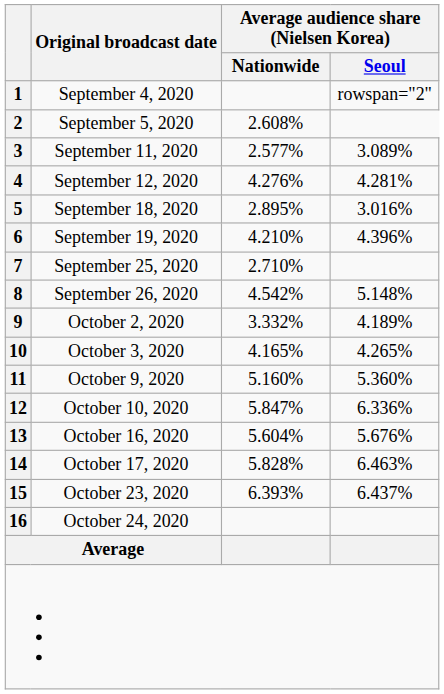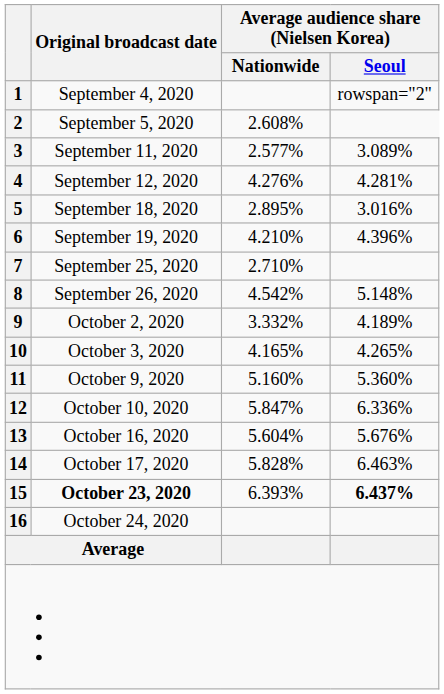 <table class="wikitable" style="text-align:center;max-width:450px; margin-left: auto; margin-right: auto; border: none;">
 <tr>
 </tr>
 <tr>
 <th rowspan="2"></th>
 <th rowspan="2">Original broadcast date</th>
 <th colspan="2">Average audience share<br>(Nielsen Korea)</th>
 </tr>
 <tr>
 <th width="90">Nationwide</th>
 <th width="90"><a href='#'>Seoul</a></th>
 </tr>
 <tr>
 <th>1</th>
 <td>September 4, 2020</td>
 <td></td>
 <td>rowspan="2" </td>
 </tr>
 <tr>
 <th>2</th>
 <td>September 5, 2020</td>
 <td>2.608%</td>
 </tr>
 <tr>
 <th>3</th>
 <td>September 11, 2020</td>
 <td>2.577%</td>
 <td>3.089%</td>
 </tr>
 <tr>
 <th>4</th>
 <td>September 12, 2020</td>
 <td>4.276%</td>
 <td>4.281%</td>
 </tr>
 <tr>
 <th>5</th>
 <td>September 18, 2020</td>
 <td>2.895%</td>
 <td>3.016%</td>
 </tr>
 <tr>
 <th>6</th>
 <td>September 19, 2020</td>
 <td>4.210%</td>
 <td>4.396%</td>
 </tr>
 <tr>
 <th>7</th>
 <td>September 25, 2020</td>
 <td>2.710%</td>
 <td></td>
 </tr>
 <tr>
 <th>8</th>
 <td>September 26, 2020</td>
 <td>4.542%</td>
 <td>5.148%</td>
 </tr>
 <tr>
 <th>9</th>
 <td>October 2, 2020</td>
 <td>3.332%</td>
 <td>4.189%</td>
 </tr>
 <tr>
 <th>10</th>
 <td>October 3, 2020</td>
 <td>4.165%</td>
 <td>4.265%</td>
 </tr>
 <tr>
 <th>11</th>
 <td>October 9, 2020</td>
 <td>5.160%</td>
 <td>5.360%</td>
 </tr>
 <tr>
 <th>12</th>
 <td>October 10, 2020</td>
 <td>5.847%</td>
 <td>6.336%</td>
 </tr>
 <tr>
 <th>13</th>
 <td>October 16, 2020</td>
 <td>5.604%</td>
 <td>5.676%</td>
 </tr>
 <tr>
 <th>14</th>
 <td>October 17, 2020</td>
 <td>5.828%</td>
 <td>6.463%</td>
 </tr>
 <tr>
 <th>15</th>
-<td>October 23, 2020</td>
+<td><strong>October 23, 2020</strong></td>
 <td>6.393%</td>
-<td>6.437%</td>
+<td><strong>6.437%</strong></td>
 </tr>
 <tr>
 <th>16</th>
 <td>October 24, 2020</td>
 <td></td>
 <td></td>
 </tr>
 <tr>
 <th colspan="2">Average</th>
 <th></th>
 <th></th>
 </tr>
 <tr>
 <td colspan="4"><br><ul><li></li><li></li><li></li></ul></td>
 </tr>
 </table>
